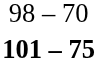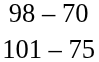 <table style="text-align:center;">
 <tr>
 <th width=200></th>
 <th width=100></th>
 <th width=200></th>
 <th></th>
 </tr>
 <tr>
 <td align=right><strong></strong></td>
 <td>98 – 70</td>
 <td align=left></td>
 </tr>
 <tr>
 <td align=right><strong></strong></td>
-<td><strong>101 – 75</strong></td>
+<td>101 – 75</td>
 <td align=left></td>
 </tr>
 </table>
